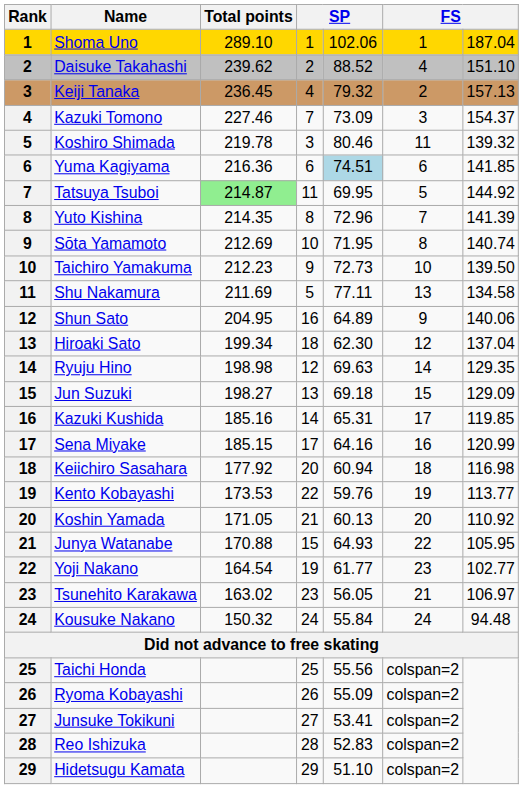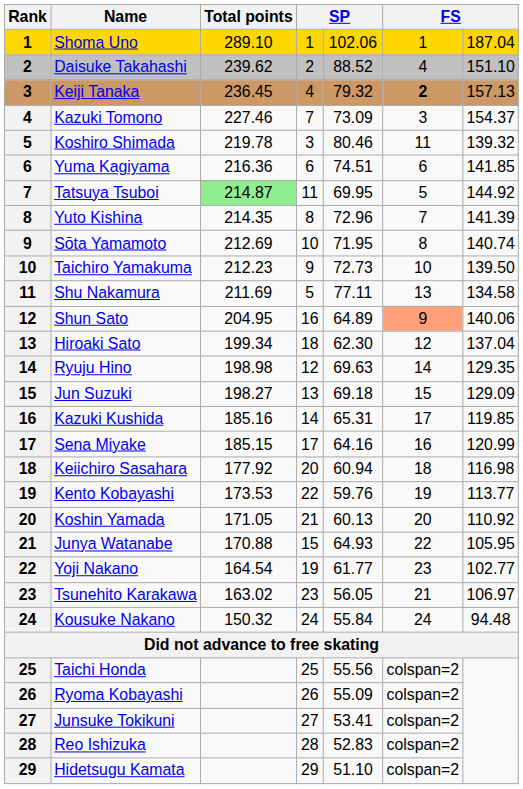 <table class="wikitable sortable">
 <tr>
 <th>Rank</th>
 <th>Name</th>
 <th>Total points</th>
 <th colspan="2" width="80px"><a href='#'>SP</a></th>
 <th colspan="2" width="80px"><a href='#'>FS</a></th>
 </tr>
 <tr bgcolor="gold">
 <td align="center"><strong>1</strong></td>
 <td><a href='#'>Shoma Uno</a></td>
 <td align="center">289.10</td>
 <td align="center">1</td>
 <td align="center">102.06</td>
 <td align="center">1</td>
 <td align="center">187.04</td>
 </tr>
 <tr bgcolor="silver">
 <td align="center"><strong>2</strong></td>
 <td><a href='#'>Daisuke Takahashi</a></td>
 <td align="center">239.62</td>
 <td align="center">2</td>
 <td align="center">88.52</td>
 <td align="center">4</td>
 <td align="center">151.10</td>
 </tr>
 <tr bgcolor="cc9966">
 <td align="center"><strong>3</strong></td>
 <td><a href='#'>Keiji Tanaka</a></td>
 <td align="center">236.45</td>
 <td align="center">4</td>
 <td align="center">79.32</td>
-<td align="center">2</td>
+<td align="center"><strong>2</strong></td>
 <td align="center">157.13</td>
 </tr>
 <tr>
 <th>4</th>
 <td><a href='#'>Kazuki Tomono</a></td>
 <td align="center">227.46</td>
 <td align="center">7</td>
 <td align="center">73.09</td>
 <td align="center">3</td>
 <td align="center">154.37</td>
 </tr>
 <tr>
 <th>5</th>
 <td><a href='#'>Koshiro Shimada</a></td>
 <td align="center">219.78</td>
 <td align="center">3</td>
 <td align="center">80.46</td>
 <td align="center">11</td>
 <td align="center">139.32</td>
 </tr>
 <tr>
 <th>6</th>
 <td><a href='#'>Yuma Kagiyama</a></td>
 <td align="center">216.36</td>
 <td align="center">6</td>
-<td align="center" style="background: lightblue;">74.51</td>
+<td align="center">74.51</td>
 <td align="center">6</td>
 <td align="center">141.85</td>
 </tr>
 <tr>
 <th>7</th>
 <td><a href='#'>Tatsuya Tsuboi</a></td>
 <td align="center" style="background: lightgreen;">214.87</td>
 <td align="center">11</td>
 <td align="center">69.95</td>
 <td align="center">5</td>
 <td align="center">144.92</td>
 </tr>
 <tr>
 <th>8</th>
 <td><a href='#'>Yuto Kishina</a></td>
 <td align="center">214.35</td>
 <td align="center">8</td>
 <td align="center">72.96</td>
 <td align="center">7</td>
 <td align="center">141.39</td>
 </tr>
 <tr>
 <th>9</th>
 <td><a href='#'>Sōta Yamamoto</a></td>
 <td align="center">212.69</td>
 <td align="center">10</td>
 <td align="center">71.95</td>
 <td align="center">8</td>
 <td align="center">140.74</td>
 </tr>
 <tr>
 <th>10</th>
 <td><a href='#'>Taichiro Yamakuma</a></td>
 <td align="center">212.23</td>
 <td align="center">9</td>
 <td align="center">72.73</td>
 <td align="center">10</td>
 <td align="center">139.50</td>
 </tr>
 <tr>
 <th>11</th>
 <td><a href='#'>Shu Nakamura</a></td>
 <td align="center">211.69</td>
 <td align="center">5</td>
 <td align="center">77.11</td>
 <td align="center">13</td>
 <td align="center">134.58</td>
 </tr>
 <tr>
 <th>12</th>
 <td><a href='#'>Shun Sato</a></td>
 <td align="center">204.95</td>
 <td align="center">16</td>
 <td align="center">64.89</td>
-<td align="center">9</td>
+<td align="center" style="background: lightsalmon;">9</td>
 <td align="center">140.06</td>
 </tr>
 <tr>
 <th>13</th>
 <td><a href='#'>Hiroaki Sato</a></td>
 <td align="center">199.34</td>
 <td align="center">18</td>
 <td align="center">62.30</td>
 <td align="center">12</td>
 <td align="center">137.04</td>
 </tr>
 <tr>
 <th>14</th>
 <td><a href='#'>Ryuju Hino</a></td>
 <td align="center">198.98</td>
 <td align="center">12</td>
 <td align="center">69.63</td>
 <td align="center">14</td>
 <td align="center">129.35</td>
 </tr>
 <tr>
 <th>15</th>
 <td><a href='#'>Jun Suzuki</a></td>
 <td align="center">198.27</td>
 <td align="center">13</td>
 <td align="center">69.18</td>
 <td align="center">15</td>
 <td align="center">129.09</td>
 </tr>
 <tr>
 <th>16</th>
 <td><a href='#'>Kazuki Kushida</a></td>
 <td align="center">185.16</td>
 <td align="center">14</td>
 <td align="center">65.31</td>
 <td align="center">17</td>
 <td align="center">119.85</td>
 </tr>
 <tr>
 <th>17</th>
 <td><a href='#'>Sena Miyake</a></td>
 <td align="center">185.15</td>
 <td align="center">17</td>
 <td align="center">64.16</td>
 <td align="center">16</td>
 <td align="center">120.99</td>
 </tr>
 <tr>
 <th>18</th>
 <td><a href='#'>Keiichiro Sasahara</a></td>
 <td align="center">177.92</td>
 <td align="center">20</td>
 <td align="center">60.94</td>
 <td align="center">18</td>
 <td align="center">116.98</td>
 </tr>
 <tr>
 <th>19</th>
 <td><a href='#'>Kento Kobayashi</a></td>
 <td align="center">173.53</td>
 <td align="center">22</td>
 <td align="center">59.76</td>
 <td align="center">19</td>
 <td align="center">113.77</td>
 </tr>
 <tr>
 <th>20</th>
 <td><a href='#'>Koshin Yamada</a></td>
 <td align="center">171.05</td>
 <td align="center">21</td>
 <td align="center">60.13</td>
 <td align="center">20</td>
 <td align="center">110.92</td>
 </tr>
 <tr>
 <th>21</th>
 <td><a href='#'>Junya Watanabe</a></td>
 <td align="center">170.88</td>
 <td align="center">15</td>
 <td align="center">64.93</td>
 <td align="center">22</td>
 <td align="center">105.95</td>
 </tr>
 <tr>
 <th>22</th>
 <td><a href='#'>Yoji Nakano</a></td>
 <td align="center">164.54</td>
 <td align="center">19</td>
 <td align="center">61.77</td>
 <td align="center">23</td>
 <td align="center">102.77</td>
 </tr>
 <tr>
 <th>23</th>
 <td><a href='#'>Tsunehito Karakawa</a></td>
 <td align="center">163.02</td>
 <td align="center">23</td>
 <td align="center">56.05</td>
 <td align="center">21</td>
 <td align="center">106.97</td>
 </tr>
 <tr>
 <th>24</th>
 <td><a href='#'>Kousuke Nakano</a></td>
 <td align="center">150.32</td>
 <td align="center">24</td>
 <td align="center">55.84</td>
 <td align="center">24</td>
 <td align="center">94.48</td>
 </tr>
 <tr>
 <th colspan=7>Did not advance to free skating</th>
 </tr>
 <tr>
 <th>25</th>
 <td><a href='#'>Taichi Honda</a></td>
 <td></td>
 <td align="center">25</td>
 <td align="center">55.56</td>
 <td>colspan=2 </td>
 </tr>
 <tr>
 <th>26</th>
 <td><a href='#'>Ryoma Kobayashi</a></td>
 <td></td>
 <td align="center">26</td>
 <td align="center">55.09</td>
 <td>colspan=2 </td>
 </tr>
 <tr>
 <th>27</th>
 <td><a href='#'>Junsuke Tokikuni</a></td>
 <td></td>
 <td align="center">27</td>
 <td align="center">53.41</td>
 <td>colspan=2 </td>
 </tr>
 <tr>
 <th>28</th>
 <td><a href='#'>Reo Ishizuka</a></td>
 <td></td>
 <td align="center">28</td>
 <td align="center">52.83</td>
 <td>colspan=2 </td>
 </tr>
 <tr>
 <th>29</th>
 <td><a href='#'>Hidetsugu Kamata</a></td>
 <td></td>
 <td align="center">29</td>
 <td align="center">51.10</td>
 <td>colspan=2 </td>
 </tr>
 </table>
